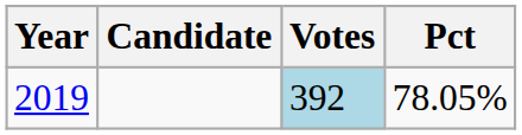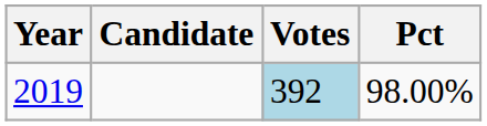 <table class="wikitable" style="margin:0.5em ; font-size:95%">
 <tr>
 <th>Year</th>
 <th>Candidate</th>
 <th>Votes</th>
 <th>Pct</th>
 </tr>
 <tr>
 <td><a href='#'>2019</a></td>
 <td></td>
 <td style="background: lightblue;">392</td>
-<td>78.05%</td>
+<td>98.00%</td>
 </tr>
 </table>
